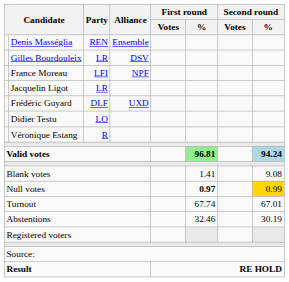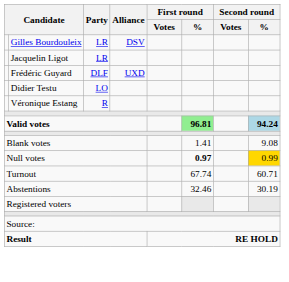 <table class="wikitable" style="text-align:right;font-size:95%;">
 <tr>
 <th colspan="2" rowspan="2">Candidate</th>
 <th colspan="1" rowspan="2">Party</th>
 <th colspan="1" rowspan="2">Alliance</th>
 <th colspan="2">First round</th>
 <th colspan="2">Second round</th>
 </tr>
 <tr>
 <th style="width:50px;">Votes</th>
 <th style="width:45px;">%</th>
 <th style="width:50px;">Votes</th>
 <th style="width:45px;">%</th>
 </tr>
 <tr>
 <td style="color:inherit;background:"></td>
-<td style="text-align:left;"><a href='#'>Denis Masséglia</a></td>
-<td><a href='#'>REN</a></td>
-<td><a href='#'>Ensemble</a></td>
-<td></td>
-<td></td>
-<td><strong></strong></td>
-<td><strong></strong></td>
-</tr>
-<tr>
-<td style="color:inherit;background:"></td>
 <td style="text-align:left;"><a href='#'>Gilles Bourdouleix</a></td>
 <td><a href='#'>LR</a></td>
 <td><a href='#'>DSV</a></td>
-<td></td>
-<td></td>
-<td></td>
-<td></td>
-</tr>
-<tr>
-<td style="color:inherit;background:"></td>
-<td style="text-align:left;">France Moreau</td>
-<td><a href='#'>LFI</a></td>
-<td><a href='#'>NPF</a></td>
 <td></td>
 <td></td>
 <td></td>
 <td></td>
 </tr>
 <tr>
 <td style="color:inherit;background:"></td>
 <td style="text-align:left;">Jacquelin Ligot</td>
 <td><a href='#'>LR</a></td>
 <td></td>
 <td></td>
 <td></td>
 <td></td>
 <td></td>
 </tr>
 <tr>
 <td style="color:inherit;background:"></td>
 <td style="text-align:left;">Frédéric Guyard</td>
 <td><a href='#'>DLF</a></td>
 <td><a href='#'>UXD</a></td>
 <td></td>
 <td></td>
 <td></td>
 <td></td>
 </tr>
 <tr>
 <td style="color:inherit;background:"></td>
 <td style="text-align:left;">Didier Testu</td>
 <td><a href='#'>LO</a></td>
 <td></td>
 <td></td>
 <td></td>
 <td></td>
 <td></td>
 </tr>
 <tr>
 <td style="color:inherit;background:"></td>
 <td style="text-align:left;">Véronique Estang</td>
 <td><a href='#'>R</a></td>
 <td></td>
 <td></td>
 <td></td>
 <td></td>
 <td></td>
 </tr>
 <tr>
 <td colspan="8" style="background:#E9E9E9;"></td>
 </tr>
 <tr style="font-weight:bold;">
 <td colspan="4" style="text-align:left;">Valid votes</td>
 <td></td>
 <td style="background: lightgreen;">96.81</td>
 <td></td>
 <td style="background: lightblue;">94.24</td>
 </tr>
 <tr>
 <td colspan="8" style="background:#E9E9E9;"></td>
 </tr>
 <tr>
 <td colspan="4" style="text-align:left;">Blank votes</td>
 <td></td>
 <td>1.41</td>
 <td></td>
 <td>9.08</td>
 </tr>
 <tr>
 <td colspan="4" style="text-align:left;">Null votes</td>
 <td></td>
 <td><strong>0.97</strong></td>
 <td></td>
 <td style="background: gold;">0.99</td>
 </tr>
 <tr>
 <td colspan="4" style="text-align:left;">Turnout</td>
 <td></td>
 <td>67.74</td>
 <td></td>
-<td>67.01</td>
+<td>60.71</td>
 </tr>
 <tr>
 <td colspan="4" style="text-align:left;">Abstentions</td>
 <td></td>
 <td>32.46</td>
 <td></td>
 <td>30.19</td>
 </tr>
 <tr>
 <td colspan="4" style="text-align:left;">Registered voters</td>
 <td></td>
 <td style="background:#E9E9E9;"></td>
 <td></td>
 <td style="background:#E9E9E9;"></td>
 </tr>
 <tr>
 <td colspan="8" style="background:#E9E9E9;"></td>
 </tr>
 <tr>
 <td colspan="8" style="text-align:left;">Source: </td>
 </tr>
 <tr style="font-weight:bold">
 <td colspan="4" style="text-align:left;">Result</td>
 <td colspan="4" style="background-color:">RE HOLD</td>
 </tr>
 </table>
